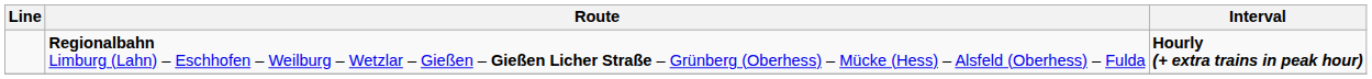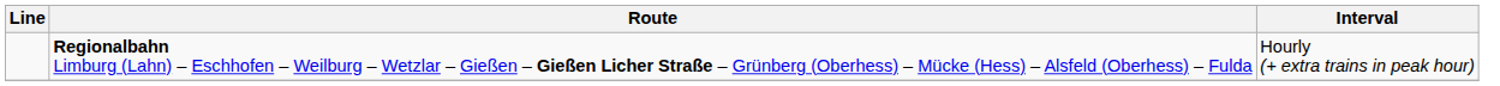 <table class="wikitable">
 <tr>
 <th>Line</th>
 <th>Route</th>
 <th>Interval</th>
 </tr>
 <tr>
 <td></td>
 <td><strong>Regionalbahn</strong><br><a href='#'>Limburg (Lahn)</a> – <a href='#'>Eschhofen</a> – <a href='#'>Weilburg</a> – <a href='#'>Wetzlar</a> – <a href='#'>Gießen</a> – <strong>Gießen Licher Straße</strong> – <a href='#'>Grünberg (Oberhess)</a> – <a href='#'>Mücke (Hess)</a> – <a href='#'>Alsfeld (Oberhess)</a> – <a href='#'>Fulda</a></td>
-<td><strong>Hourly<br> <em>(+ extra trains in peak hour)</em></strong></td>
+<td>Hourly<br> <em>(+ extra trains in peak hour)</em></td>
 </tr>
 <tr>
 </tr>
 </table>
